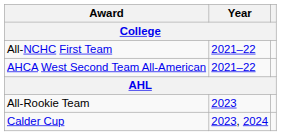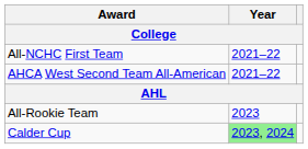 <table class="wikitable">
 <tr>
 <th>Award</th>
 <th>Year</th>
 <th></th>
 </tr>
 <tr>
 <th colspan="3"><a href='#'>College</a></th>
 </tr>
 <tr>
 <td>All-<a href='#'>NCHC</a> <a href='#'>First Team</a></td>
 <td><a href='#'>2021–22</a></td>
 <td></td>
 </tr>
 <tr>
 <td><a href='#'>AHCA</a> <a href='#'>West Second Team All-American</a></td>
 <td><a href='#'>2021–22</a></td>
 <td></td>
 </tr>
 <tr>
 <th colspan="3"><a href='#'>AHL</a></th>
 </tr>
 <tr>
 <td>All-Rookie Team</td>
 <td><a href='#'>2023</a></td>
 <td></td>
 </tr>
 <tr>
 <td><a href='#'>Calder Cup</a></td>
-<td><a href='#'>2023</a>, <a href='#'>2024</a></td>
+<td style="background: lightgreen;"><a href='#'>2023</a>, <a href='#'>2024</a></td>
 <td></td>
 </tr>
 </table>
